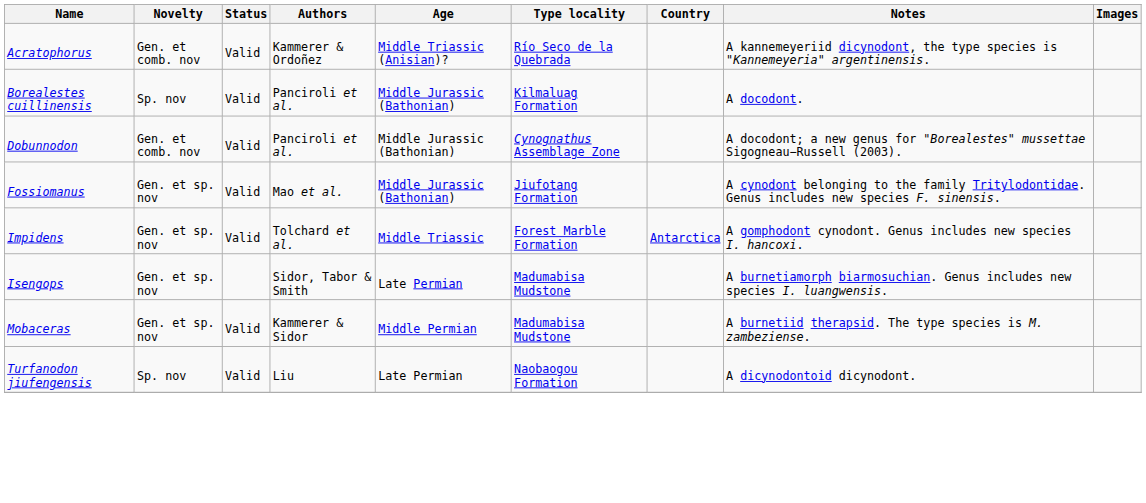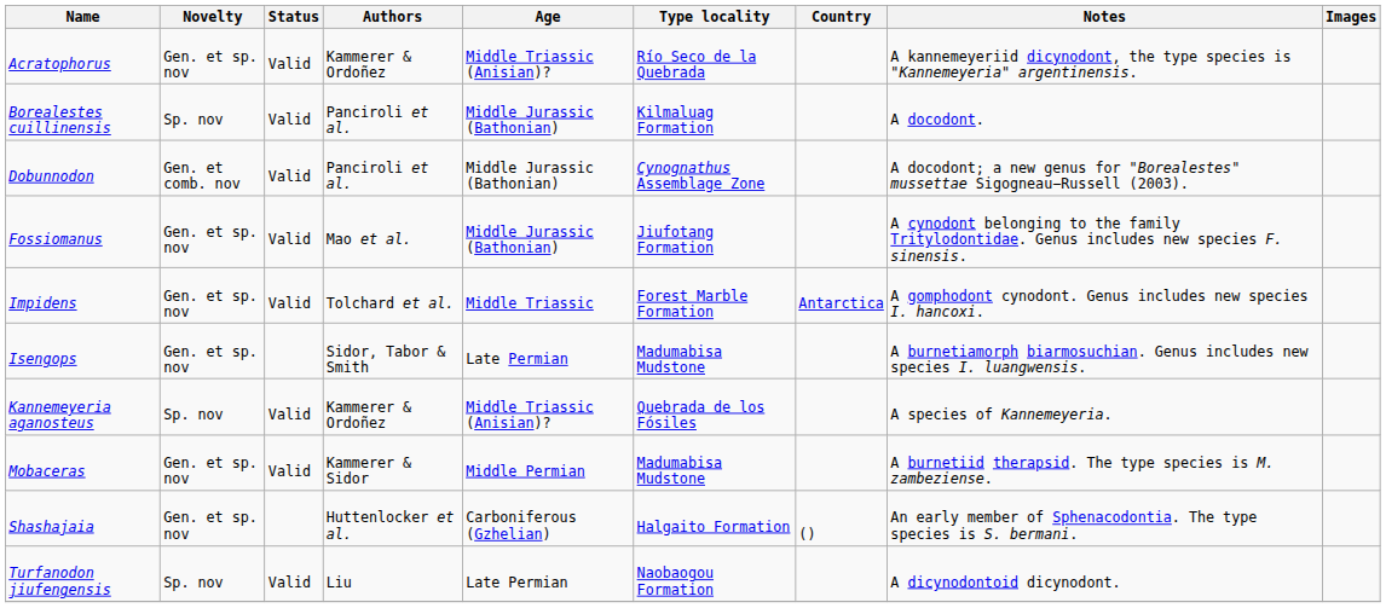 <table class="wikitable sortable" align="center" width="100%">
 <tr>
 <th>Name</th>
 <th>Novelty</th>
 <th>Status</th>
 <th>Authors</th>
 <th>Age</th>
 <th>Type locality</th>
 <th>Country</th>
 <th>Notes</th>
 <th>Images</th>
 </tr>
 <tr>
 <td><br><em><a href='#'>Acratophorus</a></em></td>
-<td><br>Gen. et comb. nov</td>
+<td><br>Gen. et sp. nov</td>
 <td><br>Valid</td>
 <td><br>Kammerer & Ordoñez</td>
 <td><br><a href='#'>Middle Triassic</a> (<a href='#'>Anisian</a>)?</td>
 <td><br><a href='#'>Río Seco de la Quebrada</a></td>
 <td><br></td>
 <td><br>A kannemeyeriid <a href='#'>dicynodont</a>, the type species is "<em>Kannemeyeria</em>" <em>argentinensis</em>.</td>
 <td><br></td>
 </tr>
 <tr>
 <td><br><em><a href='#'>Borealestes cuillinensis</a></em></td>
 <td><br>Sp. nov</td>
 <td><br>Valid</td>
 <td><br>Panciroli <em>et al.</em></td>
 <td><br><a href='#'>Middle Jurassic</a> (<a href='#'>Bathonian</a>)</td>
 <td><br><a href='#'>Kilmaluag Formation</a></td>
 <td><br></td>
 <td><br>A <a href='#'>docodont</a>.</td>
 <td><br></td>
 </tr>
 <tr>
 <td><br><em><a href='#'>Dobunnodon</a></em></td>
 <td><br>Gen. et comb. nov</td>
 <td><br>Valid</td>
 <td><br>Panciroli <em>et al.</em></td>
 <td><br>Middle Jurassic (Bathonian)</td>
 <td><br><a href='#'><em>Cynognathus</em> Assemblage Zone</a><br></td>
 <td><br></td>
 <td><br>A docodont; a new genus for <em>"Borealestes" mussettae</em> Sigogneau−Russell (2003).</td>
 <td></td>
 </tr>
 <tr>
 <td><br><em><a href='#'>Fossiomanus</a></em></td>
 <td><br>Gen. et sp. nov</td>
 <td><br>Valid</td>
 <td><br>Mao <em>et al.</em></td>
 <td><br><a href='#'>Middle Jurassic</a> (<a href='#'>Bathonian</a>)</td>
 <td><br><a href='#'>Jiufotang Formation</a></td>
 <td><br></td>
 <td><br>A <a href='#'>cynodont</a> belonging to the family <a href='#'>Tritylodontidae</a>. Genus includes new species <em>F. sinensis</em>.</td>
 <td></td>
 </tr>
 <tr>
 <td><br><em><a href='#'>Impidens</a></em></td>
 <td><br>Gen. et sp. nov</td>
 <td><br>Valid</td>
 <td><br>Tolchard <em>et al.</em></td>
 <td><br><a href='#'>Middle Triassic</a></td>
 <td><br><a href='#'>Forest Marble Formation</a></td>
 <td><br><a href='#'>Antarctica</a><br> </td>
 <td><br>A <a href='#'>gomphodont</a> cynodont. Genus includes new species <em>I. hancoxi</em>.</td>
 <td></td>
 </tr>
 <tr>
 <td><br><em><a href='#'>Isengops</a></em></td>
 <td><br>Gen. et sp. nov</td>
 <td></td>
 <td><br>Sidor, Tabor & Smith</td>
 <td><br>Late <a href='#'>Permian</a></td>
 <td><br><a href='#'>Madumabisa Mudstone</a></td>
 <td><br></td>
 <td><br>A <a href='#'>burnetiamorph</a> <a href='#'>biarmosuchian</a>. Genus includes new species <em>I. luangwensis</em>.</td>
 <td></td>
 </tr>
 <tr>
+<td><br><em><a href='#'>Kannemeyeria aganosteus</a></em></td>
+<td><br>Sp. nov</td>
+<td><br>Valid</td>
+<td><br>Kammerer & Ordoñez</td>
+<td><br><a href='#'>Middle Triassic</a> (<a href='#'>Anisian</a>)?</td>
+<td><br><a href='#'>Quebrada de los Fósiles</a></td>
+<td><br></td>
+<td><br>A species of <em>Kannemeyeria</em>.</td>
+<td><br></td>
+</tr>
+<tr>
 <td><br><em><a href='#'>Mobaceras</a></em></td>
 <td><br>Gen. et sp. nov</td>
 <td><br>Valid</td>
 <td><br>Kammerer & Sidor</td>
 <td><br><a href='#'>Middle Permian</a></td>
 <td><br><a href='#'>Madumabisa Mudstone</a></td>
 <td><br></td>
 <td><br>A <a href='#'>burnetiid</a> <a href='#'>therapsid</a>. The type species is <em>M. zambeziense</em>.</td>
+<td></td>
+</tr>
+<tr>
+<td><br><em><a href='#'>Shashajaia</a></em></td>
+<td><br>Gen. et sp. nov</td>
+<td></td>
+<td><br>Huttenlocker <em>et al.</em></td>
+<td><br>Carboniferous (<a href='#'>Gzhelian</a>)</td>
+<td><br><a href='#'>Halgaito Formation</a></td>
+<td><br><br>()</td>
+<td><br>An early member of <a href='#'>Sphenacodontia</a>. The type species is <em>S. bermani</em>.</td>
 <td></td>
 </tr>
 <tr>
 <td><br><em><a href='#'>Turfanodon jiufengensis</a></em></td>
 <td><br>Sp. nov</td>
 <td><br>Valid</td>
 <td><br>Liu</td>
 <td><br>Late Permian</td>
 <td><br><a href='#'>Naobaogou Formation</a></td>
 <td><br></td>
 <td><br>A <a href='#'>dicynodontoid</a> dicynodont.</td>
 <td></td>
 </tr>
 <tr>
 </tr>
 </table>
